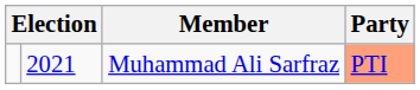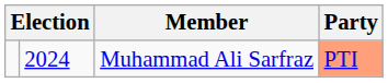 <table class="wikitable">
 <tr>
 <th colspan="2">Election</th>
 <th>Member</th>
 <th>Party</th>
 </tr>
 <tr>
 <td style="background-color: "></td>
-<td><a href='#'>2021</a></td>
+<td><a href='#'>2024</a></td>
 <td><a href='#'>Muhammad Ali Sarfraz</a></td>
 <td style="background: lightsalmon;"><a href='#'>PTI</a></td>
 </tr>
 </table>
